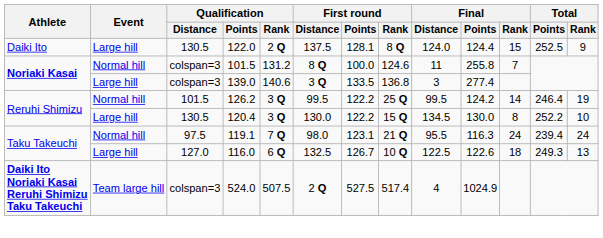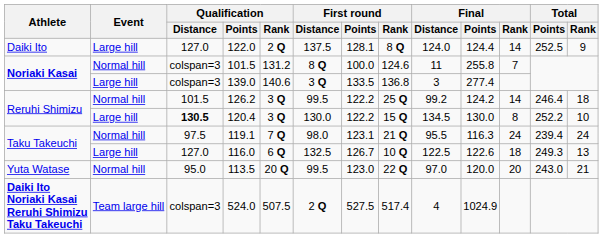 <table class="wikitable" style="font-size:90%">
 <tr>
 <th rowspan=2>Athlete</th>
 <th rowspan=2>Event</th>
 <th colspan=3>Qualification</th>
 <th colspan=3>First round</th>
 <th colspan=3>Final</th>
 <th colspan=2>Total</th>
 </tr>
 <tr style="font-size:95%">
 <th>Distance</th>
 <th>Points</th>
 <th>Rank</th>
 <th>Distance</th>
 <th>Points</th>
 <th>Rank</th>
 <th>Distance</th>
 <th>Points</th>
 <th>Rank</th>
 <th>Points</th>
 <th>Rank</th>
 </tr>
 <tr align=center>
 <td align=left><a href='#'>Daiki Ito</a></td>
 <td align=left><a href='#'>Large hill</a></td>
-<td>130.5</td>
+<td>127.0</td>
 <td>122.0</td>
 <td>2 <strong>Q</strong></td>
 <td>137.5</td>
 <td>128.1</td>
 <td>8 <strong>Q</strong></td>
 <td>124.0</td>
 <td>124.4</td>
-<td>15</td>
+<td>14</td>
 <td>252.5</td>
 <td>9</td>
 </tr>
 <tr align=center>
 <td align=left rowspan=2><strong><a href='#'>Noriaki Kasai</a></strong></td>
 <td align=left><a href='#'>Normal hill</a></td>
 <td>colspan=3 </td>
 <td>101.5</td>
 <td>131.2</td>
 <td>8 <strong>Q</strong></td>
 <td>100.0</td>
 <td>124.6</td>
 <td>11</td>
 <td>255.8</td>
 <td>7</td>
 </tr>
 <tr align=center>
 <td align=left><a href='#'>Large hill</a></td>
 <td>colspan=3 </td>
 <td>139.0</td>
 <td>140.6</td>
 <td>3 <strong>Q</strong></td>
 <td>133.5</td>
 <td>136.8</td>
 <td>3</td>
 <td>277.4</td>
 <td></td>
 </tr>
 <tr align=center>
 <td align=left rowspan=2><a href='#'>Reruhi Shimizu</a></td>
 <td align=left><a href='#'>Normal hill</a></td>
 <td>101.5</td>
 <td>126.2</td>
 <td>3 <strong>Q</strong></td>
 <td>99.5</td>
 <td>122.2</td>
 <td>25 <strong>Q</strong></td>
-<td>99.5</td>
+<td>99.2</td>
 <td>124.2</td>
 <td>14</td>
 <td>246.4</td>
-<td>19</td>
+<td>18</td>
 </tr>
 <tr align=center>
 <td align=left><a href='#'>Large hill</a></td>
-<td>130.5</td>
+<td><strong>130.5</strong></td>
 <td>120.4</td>
 <td>3 <strong>Q</strong></td>
 <td>130.0</td>
 <td>122.2</td>
 <td>15 <strong>Q</strong></td>
 <td>134.5</td>
 <td>130.0</td>
 <td>8</td>
 <td>252.2</td>
 <td>10</td>
 </tr>
 <tr align=center>
 <td align=left rowspan=2><a href='#'>Taku Takeuchi</a></td>
 <td align=left><a href='#'>Normal hill</a></td>
 <td>97.5</td>
 <td>119.1</td>
 <td>7 <strong>Q</strong></td>
 <td>98.0</td>
 <td>123.1</td>
 <td>21 <strong>Q</strong></td>
 <td>95.5</td>
 <td>116.3</td>
 <td>24</td>
 <td>239.4</td>
 <td>24</td>
 </tr>
 <tr align=center>
 <td align=left><a href='#'>Large hill</a></td>
 <td>127.0</td>
 <td>116.0</td>
 <td>6 <strong>Q</strong></td>
 <td>132.5</td>
 <td>126.7</td>
 <td>10 <strong>Q</strong></td>
 <td>122.5</td>
 <td>122.6</td>
 <td>18</td>
 <td>249.3</td>
 <td>13</td>
 </tr>
 <tr align=center>
+<td align=left><a href='#'>Yuta Watase</a></td>
+<td align=left><a href='#'>Normal hill</a></td>
+<td>95.0</td>
+<td>113.5</td>
+<td>20 <strong>Q</strong></td>
+<td>99.5</td>
+<td>123.0</td>
+<td>22 <strong>Q</strong></td>
+<td>97.0</td>
+<td>120.0</td>
+<td>20</td>
+<td>243.0</td>
+<td>21</td>
+</tr>
+<tr align=center>
 <td align=left><strong><a href='#'>Daiki Ito</a><br><a href='#'>Noriaki Kasai</a><br><a href='#'>Reruhi Shimizu</a><br><a href='#'>Taku Takeuchi</a></strong></td>
 <td align=left><a href='#'>Team large hill</a></td>
 <td>colspan=3 </td>
 <td>524.0</td>
 <td>507.5</td>
 <td>2 <strong>Q</strong></td>
 <td>527.5</td>
 <td>517.4</td>
 <td>4</td>
 <td>1024.9</td>
 <td></td>
 </tr>
 </table>
